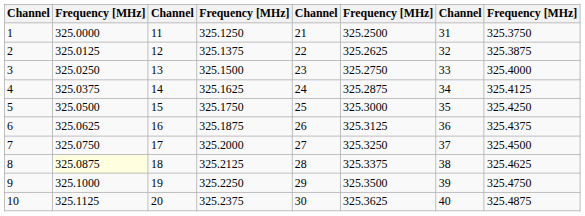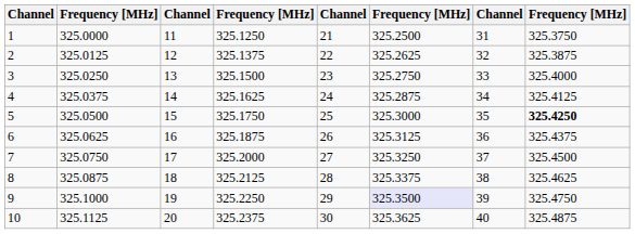 <table class="wikitable">
 <tr>
 <th>Channel</th>
 <th>Frequency [MHz]</th>
 <th>Channel</th>
 <th>Frequency [MHz]</th>
 <th>Channel</th>
 <th>Frequency [MHz]</th>
 <th>Channel</th>
 <th>Frequency [MHz]</th>
 </tr>
 <tr>
 <td>1</td>
 <td>325.0000</td>
 <td>11</td>
 <td>325.1250</td>
 <td>21</td>
 <td>325.2500</td>
 <td>31</td>
 <td>325.3750</td>
 </tr>
 <tr>
 <td>2</td>
 <td>325.0125</td>
 <td>12</td>
 <td>325.1375</td>
 <td>22</td>
 <td>325.2625</td>
 <td>32</td>
 <td>325.3875</td>
 </tr>
 <tr>
 <td>3</td>
 <td>325.0250</td>
 <td>13</td>
 <td>325.1500</td>
 <td>23</td>
 <td>325.2750</td>
 <td>33</td>
 <td>325.4000</td>
 </tr>
 <tr>
 <td>4</td>
 <td>325.0375</td>
 <td>14</td>
 <td>325.1625</td>
 <td>24</td>
 <td>325.2875</td>
 <td>34</td>
 <td>325.4125</td>
 </tr>
 <tr>
 <td>5</td>
 <td>325.0500</td>
 <td>15</td>
 <td>325.1750</td>
 <td>25</td>
 <td>325.3000</td>
 <td>35</td>
-<td>325.4250</td>
+<td><strong>325.4250</strong></td>
 </tr>
 <tr>
 <td>6</td>
 <td>325.0625</td>
 <td>16</td>
 <td>325.1875</td>
 <td>26</td>
 <td>325.3125</td>
 <td>36</td>
 <td>325.4375</td>
 </tr>
 <tr>
 <td>7</td>
 <td>325.0750</td>
 <td>17</td>
 <td>325.2000</td>
 <td>27</td>
 <td>325.3250</td>
 <td>37</td>
 <td>325.4500</td>
 </tr>
 <tr>
 <td>8</td>
-<td style="background: lightyellow;">325.0875</td>
+<td>325.0875</td>
 <td>18</td>
 <td>325.2125</td>
 <td>28</td>
 <td>325.3375</td>
 <td>38</td>
 <td>325.4625</td>
 </tr>
 <tr>
 <td>9</td>
 <td>325.1000</td>
 <td>19</td>
 <td>325.2250</td>
 <td>29</td>
-<td>325.3500</td>
+<td style="background: lavender;">325.3500</td>
 <td>39</td>
 <td>325.4750</td>
 </tr>
 <tr>
 <td>10</td>
 <td>325.1125</td>
 <td>20</td>
 <td>325.2375</td>
 <td>30</td>
 <td>325.3625</td>
 <td>40</td>
 <td>325.4875</td>
 </tr>
 </table>
